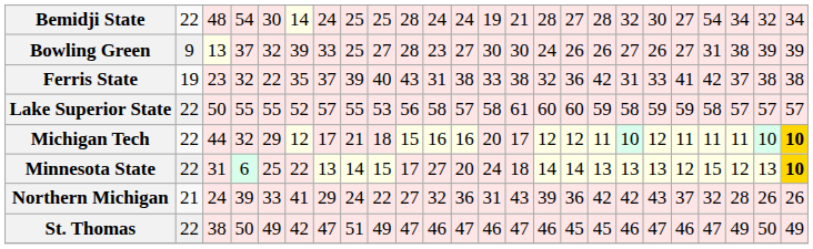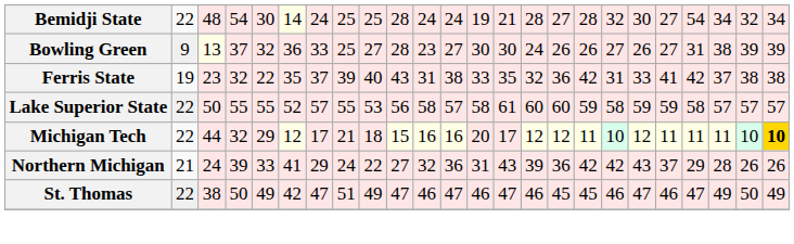 <table class="wikitable sortable" style="text-align: center;">
 <tr>
 </tr>
 <tr>
 <th>Bemidji State</th>
 <td>22</td>
 <td bgcolor=FFE6E6>48</td>
 <td bgcolor=FFE6E6>54</td>
 <td bgcolor=FFE6E6>30</td>
 <td bgcolor=FFFFE6>14</td>
 <td bgcolor=FFE6E6>24</td>
 <td bgcolor=FFE6E6>25</td>
 <td bgcolor=FFE6E6>25</td>
 <td bgcolor=FFE6E6>28</td>
 <td bgcolor=FFE6E6>24</td>
 <td bgcolor=FFE6E6>24</td>
 <td bgcolor=FFE6E6>19</td>
 <td bgcolor=FFE6E6>21</td>
 <td bgcolor=FFE6E6>28</td>
 <td bgcolor=FFE6E6>27</td>
 <td bgcolor=FFE6E6>28</td>
 <td bgcolor=FFE6E6>32</td>
 <td bgcolor=FFE6E6>30</td>
 <td bgcolor=FFE6E6>27</td>
 <td bgcolor=FFE6E6>54</td>
 <td bgcolor=FFE6E6>34</td>
 <td bgcolor=FFE6E6>32</td>
 <td bgcolor=FFE6E6>34</td>
 </tr>
 <tr bgcolor=f0f0f0>
 <th>Bowling Green</th>
 <td>9</td>
 <td bgcolor=FFFFE6>13</td>
 <td bgcolor=FFE6E6>37</td>
 <td bgcolor=FFE6E6>32</td>
-<td bgcolor=FFE6E6>39</td>
+<td bgcolor=FFE6E6>36</td>
 <td bgcolor=FFE6E6>33</td>
 <td bgcolor=FFE6E6>25</td>
 <td bgcolor=FFE6E6>27</td>
 <td bgcolor=FFE6E6>28</td>
 <td bgcolor=FFE6E6>23</td>
 <td bgcolor=FFE6E6>27</td>
 <td bgcolor=FFE6E6>30</td>
 <td bgcolor=FFE6E6>30</td>
 <td bgcolor=FFE6E6>24</td>
 <td bgcolor=FFE6E6>26</td>
 <td bgcolor=FFE6E6>26</td>
 <td bgcolor=FFE6E6>27</td>
 <td bgcolor=FFE6E6>26</td>
 <td bgcolor=FFE6E6>27</td>
 <td bgcolor=FFE6E6>31</td>
 <td bgcolor=FFE6E6>38</td>
 <td bgcolor=FFE6E6>39</td>
 <td bgcolor=FFE6E6>39</td>
 </tr>
 <tr>
 <th>Ferris State</th>
 <td>19</td>
 <td bgcolor=FFE6E6>23</td>
 <td bgcolor=FFE6E6>32</td>
 <td bgcolor=FFE6E6>22</td>
 <td bgcolor=FFE6E6>35</td>
 <td bgcolor=FFE6E6>37</td>
 <td bgcolor=FFE6E6>39</td>
 <td bgcolor=FFE6E6>40</td>
 <td bgcolor=FFE6E6>43</td>
 <td bgcolor=FFE6E6>31</td>
 <td bgcolor=FFE6E6>38</td>
 <td bgcolor=FFE6E6>33</td>
-<td bgcolor=FFE6E6>38</td>
+<td bgcolor=FFE6E6>35</td>
 <td bgcolor=FFE6E6>32</td>
 <td bgcolor=FFE6E6>36</td>
 <td bgcolor=FFE6E6>42</td>
 <td bgcolor=FFE6E6>31</td>
 <td bgcolor=FFE6E6>33</td>
 <td bgcolor=FFE6E6>41</td>
 <td bgcolor=FFE6E6>42</td>
 <td bgcolor=FFE6E6>37</td>
 <td bgcolor=FFE6E6>38</td>
 <td bgcolor=FFE6E6>38</td>
 </tr>
 <tr bgcolor=f0f0f0>
 <th>Lake Superior State</th>
 <td>22</td>
 <td bgcolor=FFE6E6>50</td>
 <td bgcolor=FFE6E6>55</td>
 <td bgcolor=FFE6E6>55</td>
 <td bgcolor=FFE6E6>52</td>
 <td bgcolor=FFE6E6>57</td>
 <td bgcolor=FFE6E6>55</td>
 <td bgcolor=FFE6E6>53</td>
 <td bgcolor=FFE6E6>56</td>
 <td bgcolor=FFE6E6>58</td>
 <td bgcolor=FFE6E6>57</td>
 <td bgcolor=FFE6E6>58</td>
 <td bgcolor=FFE6E6>61</td>
 <td bgcolor=FFE6E6>60</td>
 <td bgcolor=FFE6E6>60</td>
 <td bgcolor=FFE6E6>59</td>
 <td bgcolor=FFE6E6>58</td>
 <td bgcolor=FFE6E6>59</td>
 <td bgcolor=FFE6E6>59</td>
 <td bgcolor=FFE6E6>58</td>
 <td bgcolor=FFE6E6>57</td>
 <td bgcolor=FFE6E6>57</td>
 <td bgcolor=FFE6E6>57</td>
 </tr>
 <tr>
 <th>Michigan Tech</th>
 <td>22</td>
 <td bgcolor=FFE6E6>44</td>
 <td bgcolor=FFE6E6>32</td>
 <td bgcolor=FFE6E6>29</td>
 <td bgcolor=FFFFE6>12</td>
 <td bgcolor=FFE6E6>17</td>
 <td bgcolor=FFE6E6>21</td>
 <td bgcolor=FFE6E6>18</td>
 <td bgcolor=FFFFE6>15</td>
 <td bgcolor=FFFFE6>16</td>
 <td bgcolor=FFFFE6>16</td>
 <td bgcolor=FFE6E6>20</td>
 <td bgcolor=FFE6E6>17</td>
 <td bgcolor=FFFFE6>12</td>
 <td bgcolor=FFFFE6>12</td>
 <td bgcolor=FFFFE6>11</td>
 <td bgcolor=D8FFEB>10</td>
 <td bgcolor=FFFFE6>12</td>
 <td bgcolor=FFFFE6>11</td>
 <td bgcolor=FFFFE6>11</td>
 <td bgcolor=FFFFE6>11</td>
 <td bgcolor=D8FFEB>10</td>
 <td bgcolor=gold><strong>10</strong></td>
 </tr>
-<tr bgcolor=f0f0f0>
-<th>Minnesota State</th>
-<td>22</td>
-<td bgcolor=FFE6E6>31</td>
-<td bgcolor=D8FFEB>6</td>
-<td bgcolor=FFE6E6>25</td>
-<td bgcolor=FFE6E6>22</td>
-<td bgcolor=FFFFE6>13</td>
-<td bgcolor=FFFFE6>14</td>
-<td bgcolor=FFFFE6>15</td>
-<td bgcolor=FFE6E6>17</td>
-<td bgcolor=FFE6E6>27</td>
-<td bgcolor=FFE6E6>20</td>
-<td bgcolor=FFE6E6>24</td>
-<td bgcolor=FFE6E6>18</td>
-<td bgcolor=FFFFE6>14</td>
-<td bgcolor=FFFFE6>14</td>
-<td bgcolor=FFFFE6>13</td>
-<td bgcolor=FFFFE6>13</td>
-<td bgcolor=FFFFE6>13</td>
-<td bgcolor=FFFFE6>12</td>
-<td bgcolor=FFFFE6>15</td>
-<td bgcolor=FFFFE6>12</td>
-<td bgcolor=FFFFE6>13</td>
-<td bgcolor=gold><strong>10 </strong></td>
-</tr>
 <tr>
 <th>Northern Michigan</th>
 <td>21</td>
 <td bgcolor=FFE6E6>24</td>
 <td bgcolor=FFE6E6>39</td>
 <td bgcolor=FFE6E6>33</td>
 <td bgcolor=FFE6E6>41</td>
 <td bgcolor=FFE6E6>29</td>
 <td bgcolor=FFE6E6>24</td>
 <td bgcolor=FFE6E6>22</td>
 <td bgcolor=FFE6E6>27</td>
 <td bgcolor=FFE6E6>32</td>
 <td bgcolor=FFE6E6>36</td>
 <td bgcolor=FFE6E6>31</td>
 <td bgcolor=FFE6E6>43</td>
 <td bgcolor=FFE6E6>39</td>
 <td bgcolor=FFE6E6>36</td>
 <td bgcolor=FFE6E6>42</td>
 <td bgcolor=FFE6E6>42</td>
 <td bgcolor=FFE6E6>43</td>
 <td bgcolor=FFE6E6>37</td>
-<td bgcolor=FFE6E6>32</td>
+<td bgcolor=FFE6E6>29</td>
 <td bgcolor=FFE6E6>28</td>
 <td bgcolor=FFE6E6>26</td>
 <td bgcolor=FFE6E6>26</td>
 </tr>
 <tr bgcolor=f0f0f0>
 <th>St. Thomas</th>
 <td>22</td>
 <td bgcolor=FFE6E6>38</td>
 <td bgcolor=FFE6E6>50</td>
 <td bgcolor=FFE6E6>49</td>
 <td bgcolor=FFE6E6>42</td>
 <td bgcolor=FFE6E6>47</td>
 <td bgcolor=FFE6E6>51</td>
 <td bgcolor=FFE6E6>49</td>
 <td bgcolor=FFE6E6>47</td>
 <td bgcolor=FFE6E6>46</td>
 <td bgcolor=FFE6E6>47</td>
 <td bgcolor=FFE6E6>46</td>
 <td bgcolor=FFE6E6>47</td>
 <td bgcolor=FFE6E6>46</td>
 <td bgcolor=FFE6E6>45</td>
 <td bgcolor=FFE6E6>45</td>
 <td bgcolor=FFE6E6>46</td>
 <td bgcolor=FFE6E6>47</td>
 <td bgcolor=FFE6E6>46</td>
 <td bgcolor=FFE6E6>47</td>
 <td bgcolor=FFE6E6>49</td>
 <td bgcolor=FFE6E6>50</td>
 <td bgcolor=FFE6E6>49</td>
 </tr>
 <tr>
 </tr>
 </table>
